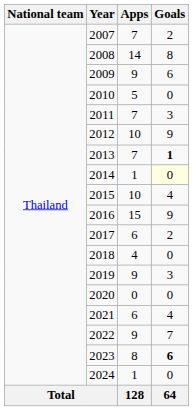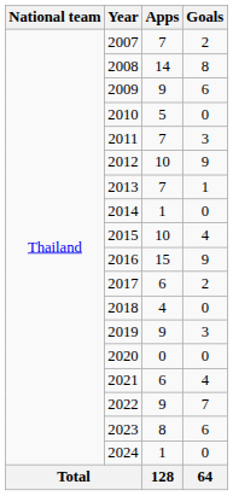 <table class="wikitable" style="text-align:center">
 <tr>
 <th>National team</th>
 <th>Year</th>
 <th>Apps</th>
 <th>Goals</th>
 </tr>
 <tr>
 <td rowspan="18"><a href='#'>Thailand</a></td>
 <td>2007</td>
 <td>7</td>
 <td>2</td>
 </tr>
 <tr>
 <td>2008</td>
 <td>14</td>
 <td>8</td>
 </tr>
 <tr>
 <td>2009</td>
 <td>9</td>
 <td>6</td>
 </tr>
 <tr>
 <td>2010</td>
 <td>5</td>
 <td>0</td>
 </tr>
 <tr>
 <td>2011</td>
 <td>7</td>
 <td>3</td>
 </tr>
 <tr>
 <td>2012</td>
 <td>10</td>
 <td>9</td>
 </tr>
 <tr>
 <td>2013</td>
 <td>7</td>
-<td><strong>1</strong></td>
+<td>1</td>
 </tr>
 <tr>
 <td>2014</td>
 <td>1</td>
-<td style="background: lightyellow;">0</td>
+<td>0</td>
 </tr>
 <tr>
 <td>2015</td>
 <td>10</td>
 <td>4</td>
 </tr>
 <tr>
 <td>2016</td>
 <td>15</td>
 <td>9</td>
 </tr>
 <tr>
 <td>2017</td>
 <td>6</td>
 <td>2</td>
 </tr>
 <tr>
 <td>2018</td>
 <td>4</td>
 <td>0</td>
 </tr>
 <tr>
 <td>2019</td>
 <td>9</td>
 <td>3</td>
 </tr>
 <tr>
 <td>2020</td>
 <td>0</td>
 <td>0</td>
 </tr>
 <tr>
 <td>2021</td>
 <td>6</td>
 <td>4</td>
 </tr>
 <tr>
 <td>2022</td>
 <td>9</td>
 <td>7</td>
 </tr>
 <tr>
 <td>2023</td>
 <td>8</td>
-<td><strong>6</strong></td>
+<td>6</td>
 </tr>
 <tr>
 <td>2024</td>
 <td>1</td>
 <td>0</td>
 </tr>
 <tr>
 <th colspan="2">Total</th>
 <th>128</th>
 <th>64</th>
 </tr>
 </table>
